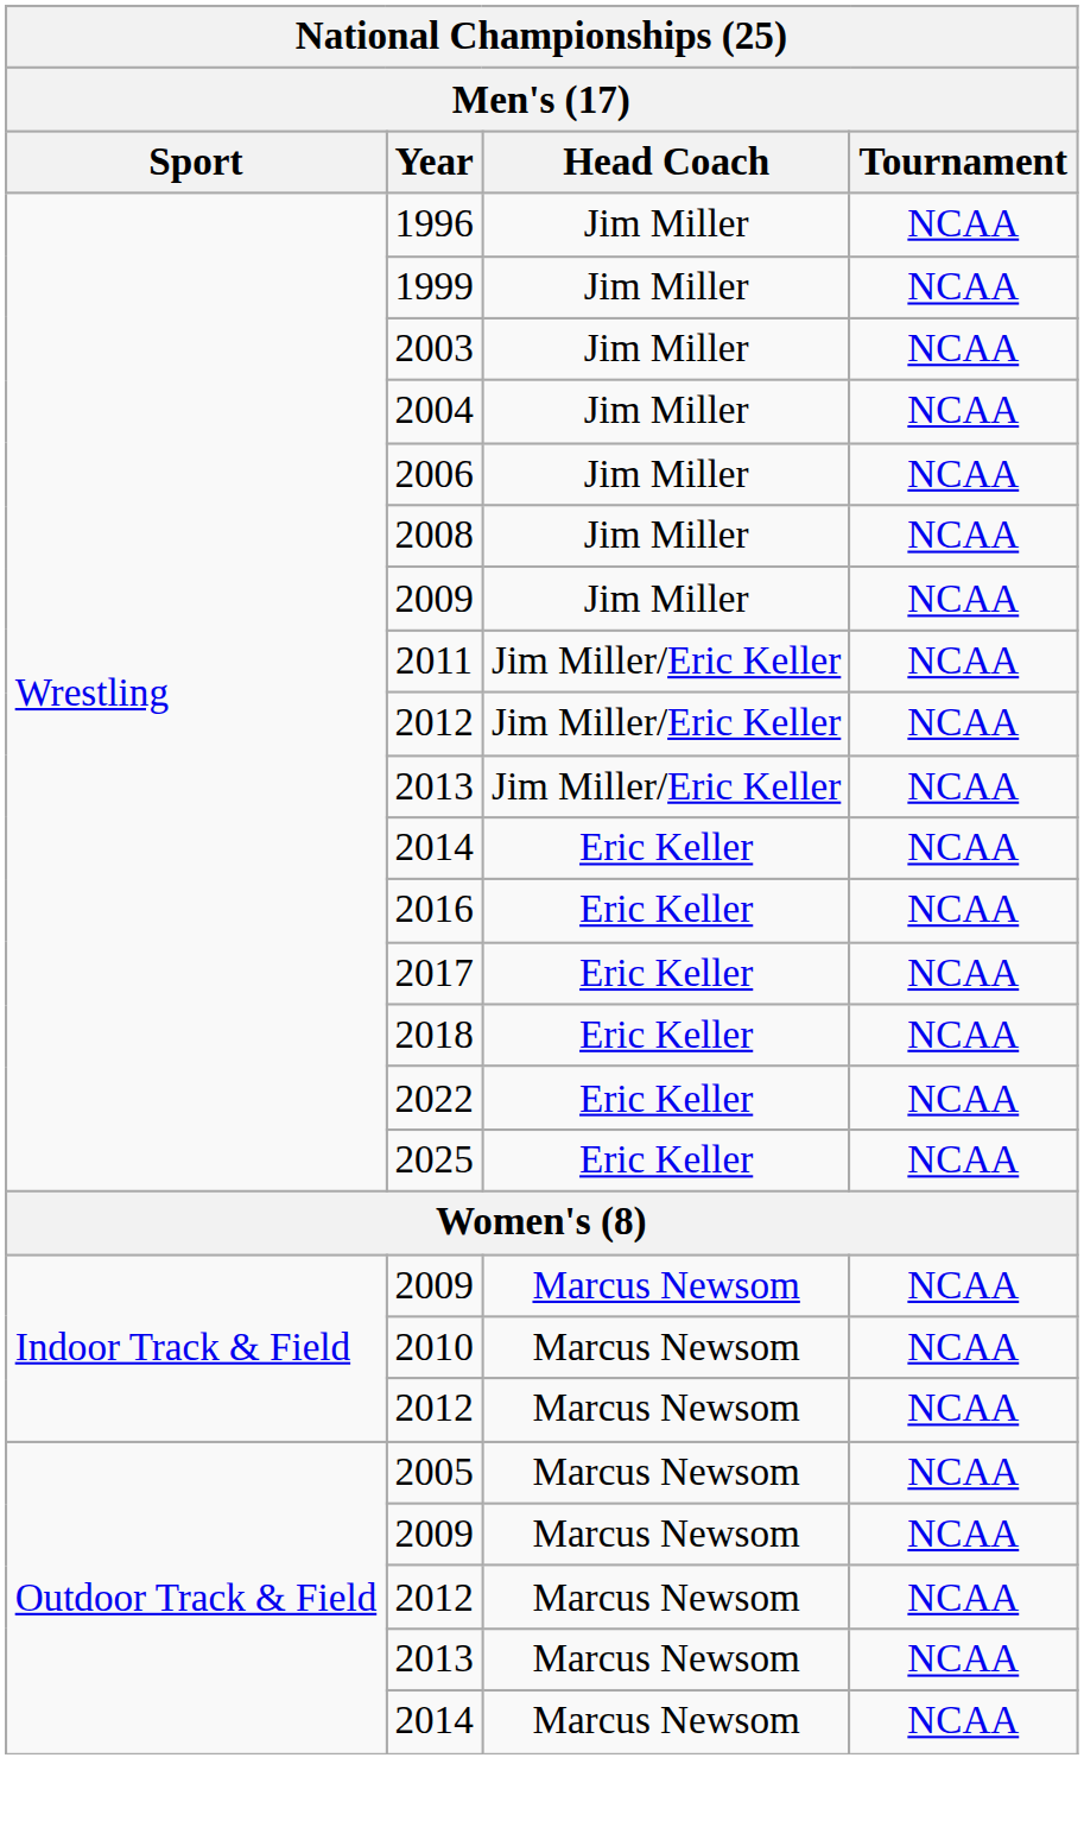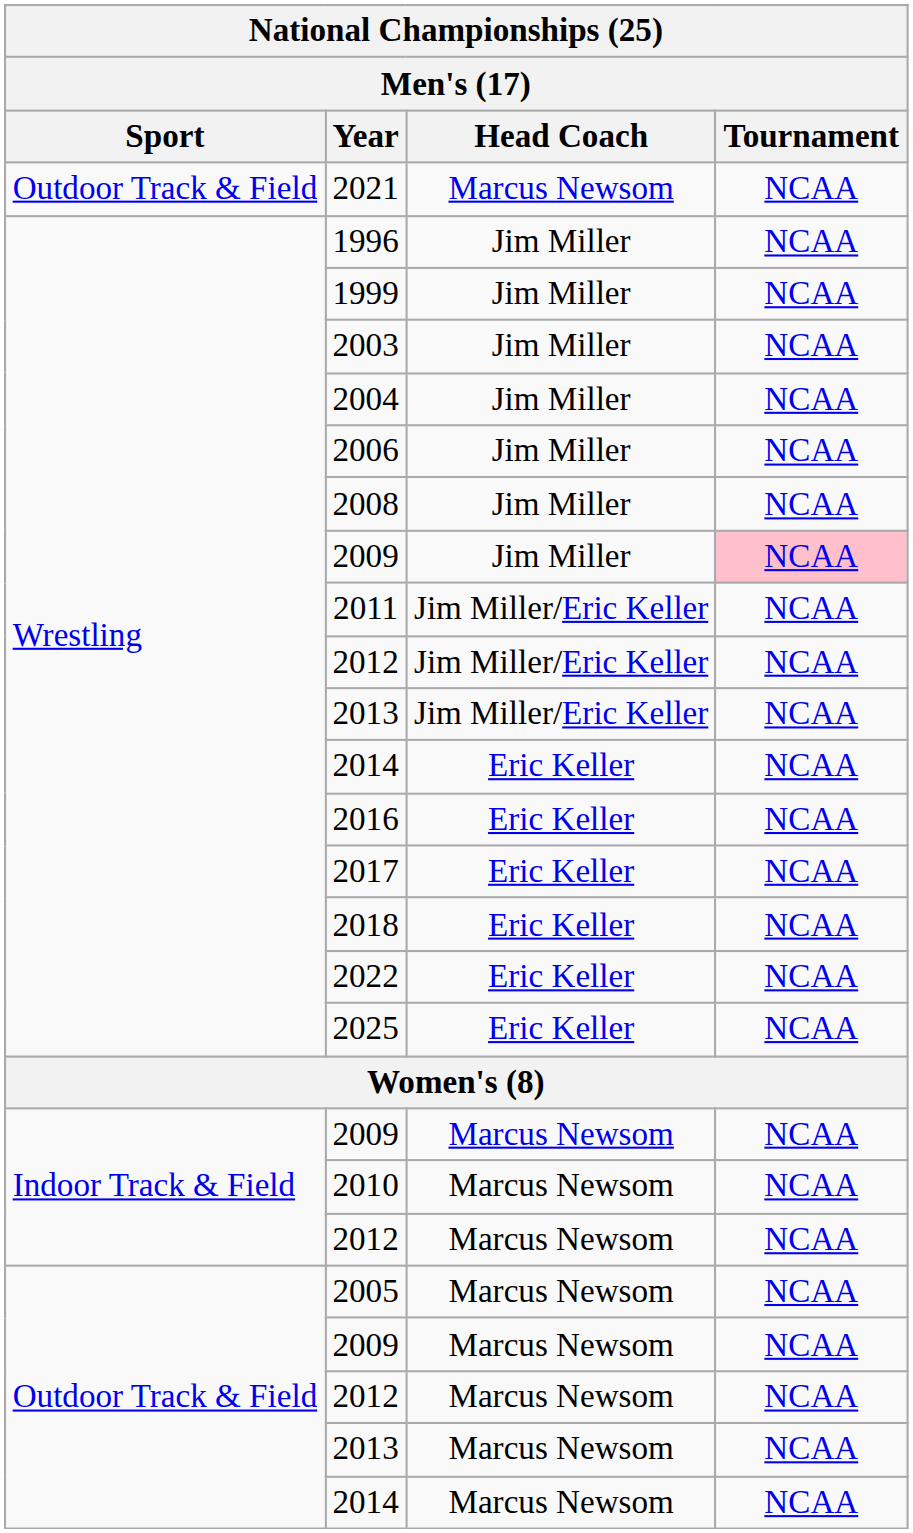 <table class="wikitable">
 <tr>
 <th colspan="4">National Championships (25)</th>
 </tr>
 <tr>
 <th colspan="4">Men's (17)</th>
 </tr>
 <tr>
 <th scope="col">Sport</th>
 <th scope="col">Year</th>
 <th scope="col">Head Coach</th>
 <th scope="col">Tournament</th>
+</tr>
+<tr>
+<td rowspan="1"><a href='#'>Outdoor Track & Field</a></td>
+<td style="text-align: center;">2021</td>
+<td style="text-align: center;"><a href='#'>Marcus Newsom</a></td>
+<td style="text-align: center;"><a href='#'>NCAA</a></td>
 </tr>
 <tr>
 <td rowspan="16"><a href='#'>Wrestling</a></td>
 <td style="text-align: center;">1996</td>
 <td style="text-align: center;">Jim Miller</td>
 <td style="text-align: center;"><a href='#'>NCAA</a></td>
 </tr>
 <tr>
 <td style="text-align: center;">1999</td>
 <td style="text-align: center;">Jim Miller</td>
 <td style="text-align: center;"><a href='#'>NCAA</a></td>
 </tr>
 <tr>
 <td style="text-align: center;">2003</td>
 <td style="text-align: center;">Jim Miller</td>
 <td style="text-align: center;"><a href='#'>NCAA</a></td>
 </tr>
 <tr>
 <td style="text-align: center;">2004</td>
 <td style="text-align: center;">Jim Miller</td>
 <td style="text-align: center;"><a href='#'>NCAA</a></td>
 </tr>
 <tr>
 <td style="text-align: center;">2006</td>
 <td style="text-align: center;">Jim Miller</td>
 <td style="text-align: center;"><a href='#'>NCAA</a></td>
 </tr>
 <tr>
 <td style="text-align: center;">2008</td>
 <td style="text-align: center;">Jim Miller</td>
 <td style="text-align: center;"><a href='#'>NCAA</a></td>
 </tr>
 <tr>
 <td style="text-align: center;">2009</td>
 <td style="text-align: center;">Jim Miller</td>
-<td style="text-align: center;"><a href='#'>NCAA</a></td>
+<td style="background: pink; text-align: center;"><a href='#'>NCAA</a></td>
 </tr>
 <tr>
 <td style="text-align: center;">2011</td>
 <td style="text-align: center;">Jim Miller/<a href='#'>Eric Keller</a></td>
 <td style="text-align: center;"><a href='#'>NCAA</a></td>
 </tr>
 <tr>
 <td style="text-align: center;">2012</td>
 <td style="text-align: center;">Jim Miller/<a href='#'>Eric Keller</a></td>
 <td style="text-align: center;"><a href='#'>NCAA</a></td>
 </tr>
 <tr>
 <td style="text-align: center;">2013</td>
 <td style="text-align: center;">Jim Miller/<a href='#'>Eric Keller</a></td>
 <td style="text-align: center;"><a href='#'>NCAA</a></td>
 </tr>
 <tr>
 <td style="text-align: center;">2014</td>
 <td style="text-align: center;"><a href='#'>Eric Keller</a></td>
 <td style="text-align: center;"><a href='#'>NCAA</a></td>
 </tr>
 <tr>
 <td style="text-align: center;">2016</td>
 <td style="text-align: center;"><a href='#'>Eric Keller</a></td>
 <td style="text-align: center;"><a href='#'>NCAA</a></td>
 </tr>
 <tr>
 <td style="text-align: center;">2017</td>
 <td style="text-align: center;"><a href='#'>Eric Keller</a></td>
 <td style="text-align: center;"><a href='#'>NCAA</a></td>
 </tr>
 <tr>
 <td style="text-align: center;">2018</td>
 <td style="text-align: center;"><a href='#'>Eric Keller</a></td>
 <td style="text-align: center;"><a href='#'>NCAA</a></td>
 </tr>
 <tr>
 <td style="text-align: center;">2022</td>
 <td style="text-align: center;"><a href='#'>Eric Keller</a></td>
 <td style="text-align: center;"><a href='#'>NCAA</a></td>
 </tr>
 <tr>
 <td style="text-align: center;">2025</td>
 <td style="text-align: center;"><a href='#'>Eric Keller</a></td>
 <td style="text-align: center;"><a href='#'>NCAA</a></td>
 </tr>
 <tr>
 <th colspan="4">Women's (8)</th>
 </tr>
 <tr>
 <td rowspan="3"><a href='#'>Indoor Track & Field</a></td>
 <td style="text-align: center;">2009</td>
 <td style="text-align: center;"><a href='#'>Marcus Newsom</a></td>
 <td style="text-align: center;"><a href='#'>NCAA</a></td>
 </tr>
 <tr>
 <td style="text-align: center;">2010</td>
 <td style="text-align: center;">Marcus Newsom</td>
 <td style="text-align: center;"><a href='#'>NCAA</a></td>
 </tr>
 <tr>
 <td style="text-align: center;">2012</td>
 <td style="text-align: center;">Marcus Newsom</td>
 <td style="text-align: center;"><a href='#'>NCAA</a></td>
 </tr>
 <tr>
 <td rowspan="5"><a href='#'>Outdoor Track & Field</a></td>
 <td style="text-align: center;">2005</td>
 <td style="text-align: center;">Marcus Newsom</td>
 <td style="text-align: center;"><a href='#'>NCAA</a></td>
 </tr>
 <tr>
 <td style="text-align: center;">2009</td>
 <td style="text-align: center;">Marcus Newsom</td>
 <td style="text-align: center;"><a href='#'>NCAA</a></td>
 </tr>
 <tr>
 <td style="text-align: center;">2012</td>
 <td style="text-align: center;">Marcus Newsom</td>
 <td style="text-align: center;"><a href='#'>NCAA</a></td>
 </tr>
 <tr>
 <td style="text-align: center;">2013</td>
 <td style="text-align: center;">Marcus Newsom</td>
 <td style="text-align: center;"><a href='#'>NCAA</a></td>
 </tr>
 <tr>
 <td style="text-align: center;">2014</td>
 <td style="text-align: center;">Marcus Newsom</td>
 <td style="text-align: center;"><a href='#'>NCAA</a></td>
 </tr>
 </table>
